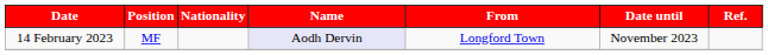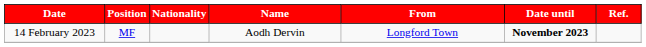 <table class="wikitable"  style="text-align:center; font-size:90%; ">
 <tr>
 <th style="background:#FF0000;color:white;border:1px solid black; width:120px;">Date</th>
 <th style="background:#FF0000;color:white;border:1px solid black; width:50px;">Position</th>
 <th style="background:#FF0000;color:white;border:1px solid black; width:50px;">Nationality</th>
 <th style="background:#FF0000;color:white;border:1px solid black; width:160px;">Name</th>
 <th style="background:#FF0000;color:white;border:1px solid black; width:200px;">From</th>
 <th style="background:#FF0000;color:white;border:1px solid black; width:110px;">Date until</th>
 <th style="background:#FF0000;color:white;border:1px solid black; width:50px;">Ref.</th>
 </tr>
 <tr>
 <td>14 February 2023</td>
 <td><a href='#'>MF</a></td>
 <td></td>
-<td style="background: lavender;">Aodh Dervin</td>
+<td>Aodh Dervin</td>
 <td> <a href='#'>Longford Town</a></td>
-<td>November 2023</td>
+<td><strong>November 2023</strong></td>
 <td></td>
 </tr>
 <tr>
 </tr>
 </table>
